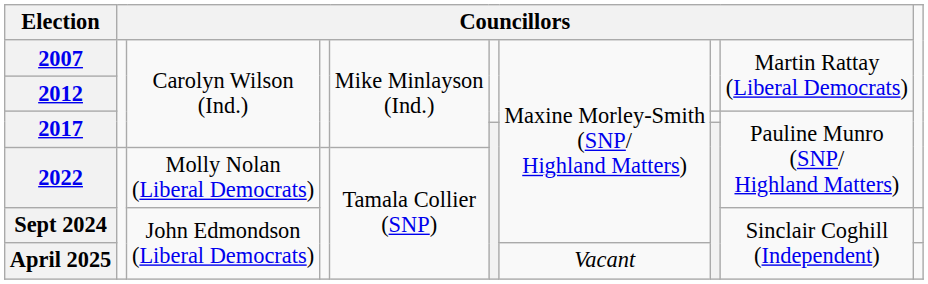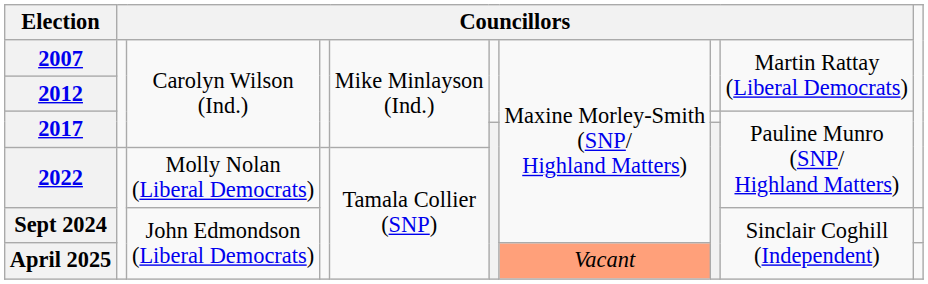 <table class="wikitable" style="text-align:center">
 <tr>
 <th>Election</th>
 <th colspan=8>Councillors</th>
 </tr>
 <tr>
 <th><a href='#'>2007</a></th>
 <td rowspan=4; style="background-color: "></td>
 <td rowspan=4>Carolyn Wilson<br>(Ind.)</td>
 <td rowspan=4; style="background-color: "></td>
 <td rowspan=4>Mike Minlayson<br>(Ind.)</td>
 <td rowspan=3; style="background-color: "></td>
 <td rowspan="6">Maxine Morley-Smith <br>(<a href='#'>SNP</a>/<br><a href='#'>Highland Matters</a>)</td>
 <td rowspan=2; style="background-color: "></td>
 <td rowspan=2>Martin Rattay<br>(<a href='#'>Liberal Democrats</a>)</td>
 </tr>
 <tr>
 <th><a href='#'>2012</a></th>
 </tr>
 <tr>
 <th rowspan="2"><a href='#'>2017</a></th>
 <td rowspan=1; style="background-color: "></td>
 <td rowspan="3">Pauline Munro <br>(<a href='#'>SNP</a>/<br><a href='#'>Highland Matters</a>)</td>
 </tr>
 <tr>
 <th rowspan="4" ; style="background-color: "></th>
 <th rowspan="4" ; style="background-color: "></th>
 </tr>
 <tr>
 <th><a href='#'>2022</a></th>
 <td rowspan=3; style="background-color: "></td>
 <td rowspan=1>Molly Nolan<br>(<a href='#'>Liberal Democrats</a>)</td>
 <td rowspan=3; style="background-color: "></td>
 <td rowspan="3">Tamala Collier <br>(<a href='#'>SNP</a>)</td>
 </tr>
 <tr>
 <th>Sept 2024</th>
 <td rowspan=2>John Edmondson <br>(<a href='#'>Liberal Democrats</a>)</td>
 <td rowspan=2>Sinclair Coghill <br>(<a href='#'>Independent</a>)</td>
 <td></td>
 </tr>
 <tr>
 <th>April 2025</th>
-<td><em>Vacant</em> </td>
+<td style="background: lightsalmon;"><em>Vacant</em> </td>
 </tr>
 </table>
